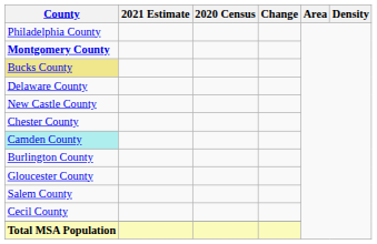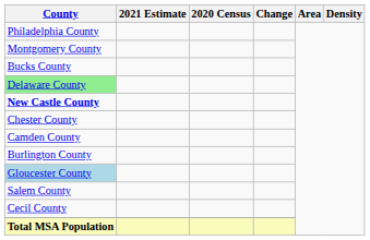 <table class="wikitable sortable">
 <tr>
 <th><a href='#'>County</a></th>
 <th>2021 Estimate</th>
 <th>2020 Census</th>
 <th>Change</th>
 <th>Area</th>
 <th>Density</th>
 </tr>
 <tr>
 <td><a href='#'>Philadelphia County</a></td>
 <td></td>
 <td></td>
 <td></td>
 </tr>
 <tr>
-<td><strong><a href='#'>Montgomery County</a></strong></td>
+<td><a href='#'>Montgomery County</a></td>
 <td></td>
 <td></td>
 <td></td>
 </tr>
 <tr>
-<td style="background: khaki;"><a href='#'>Bucks County</a></td>
+<td><a href='#'>Bucks County</a></td>
 <td></td>
 <td></td>
 <td></td>
 </tr>
 <tr>
-<td><a href='#'>Delaware County</a></td>
+<td style="background: lightgreen;"><a href='#'>Delaware County</a></td>
 <td></td>
 <td></td>
 <td></td>
 </tr>
 <tr>
-<td><a href='#'>New Castle County</a></td>
+<td><strong><a href='#'>New Castle County</a></strong></td>
 <td></td>
 <td></td>
 <td></td>
 </tr>
 <tr>
 <td><a href='#'>Chester County</a></td>
 <td></td>
 <td></td>
 <td></td>
 </tr>
 <tr>
-<td style="background: paleturquoise;"><a href='#'>Camden County</a></td>
+<td><a href='#'>Camden County</a></td>
 <td></td>
 <td></td>
 <td></td>
 </tr>
 <tr>
 <td><a href='#'>Burlington County</a></td>
 <td></td>
 <td></td>
 <td></td>
 </tr>
 <tr>
-<td><a href='#'>Gloucester County</a></td>
+<td style="background: lightblue;"><a href='#'>Gloucester County</a></td>
 <td></td>
 <td></td>
 <td></td>
 </tr>
 <tr>
 <td><a href='#'>Salem County</a></td>
 <td></td>
 <td></td>
 <td></td>
 </tr>
 <tr>
 <td><a href='#'>Cecil County</a></td>
 <td></td>
 <td></td>
 <td></td>
 </tr>
 <tr>
 </tr>
 <tr class="sortbottom" style="background:#fbfbbb">
 <td><strong>Total MSA Population</strong></td>
 <td></td>
 <td></td>
 <td></td>
 </tr>
 </table>
